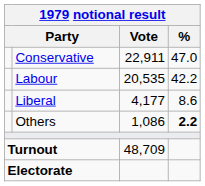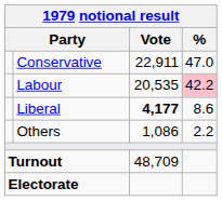 <table class="wikitable">
 <tr>
 <th colspan="4"><a href='#'>1979</a> <a href='#'>notional result</a></th>
 </tr>
 <tr>
 <th bgcolor="#DDDDFF" width="130px" colspan="2">Party</th>
 <th bgcolor="#DDDDFF" width="50px">Vote</th>
 <th bgcolor="#DDDDFF" width="30px">%</th>
 </tr>
 <tr>
 <td></td>
 <td><a href='#'>Conservative</a></td>
 <td align=right>22,911</td>
 <td align=right>47.0</td>
 </tr>
 <tr>
 <td></td>
 <td><a href='#'>Labour</a></td>
 <td align=right>20,535</td>
-<td align=right>42.2</td>
+<td align=right style="background: pink;">42.2</td>
 </tr>
 <tr>
 <td></td>
 <td><a href='#'>Liberal</a></td>
-<td align=right>4,177</td>
+<td align=right><strong>4,177</strong></td>
 <td align=right>8.6</td>
 </tr>
 <tr>
 <td></td>
 <td>Others</td>
 <td align=right>1,086</td>
-<td align=right><strong>2.2</strong></td>
+<td align=right>2.2</td>
 </tr>
 <tr>
 <td colspan="4" bgcolor="#EAECF0"></td>
 </tr>
 <tr>
 <td colspan="2"><strong>Turnout</strong></td>
 <td align=right>48,709</td>
 <td align=right></td>
 </tr>
 <tr>
 <td colspan="2"><strong>Electorate</strong></td>
 <td align=right></td>
 </tr>
 </table>
